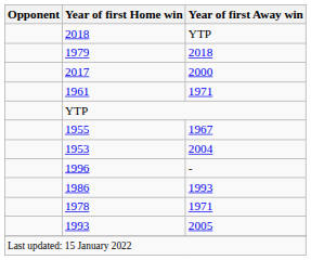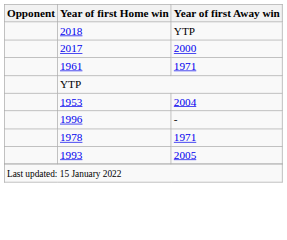 <table class="wikitable sortable" style=align:center;>
 <tr>
 <th>Opponent</th>
 <th>Year of first Home win</th>
 <th>Year of first Away win</th>
 </tr>
 <tr>
 <td></td>
 <td><a href='#'>2018</a></td>
 <td>YTP</td>
-</tr>
-<tr>
-<td></td>
-<td><a href='#'>1979</a></td>
-<td><a href='#'>2018</a></td>
 </tr>
 <tr>
 <td></td>
 <td><a href='#'>2017</a></td>
 <td><a href='#'>2000</a></td>
 </tr>
 <tr>
 <td></td>
 <td><a href='#'>1961</a></td>
 <td><a href='#'>1971</a></td>
 </tr>
 <tr>
 <td></td>
 <td colspan=2>YTP</td>
 </tr>
 <tr>
 <td></td>
-<td><a href='#'>1955</a></td>
-<td><a href='#'>1967</a></td>
-</tr>
-<tr>
-<td></td>
 <td><a href='#'>1953</a></td>
 <td><a href='#'>2004</a></td>
 </tr>
 <tr>
 <td></td>
 <td><a href='#'>1996</a></td>
 <td>-</td>
-</tr>
-<tr>
-<td></td>
-<td><a href='#'>1986</a></td>
-<td><a href='#'>1993</a></td>
 </tr>
 <tr>
 <td></td>
 <td><a href='#'>1978</a></td>
 <td><a href='#'>1971</a></td>
 </tr>
 <tr>
 <td></td>
 <td><a href='#'>1993</a></td>
 <td><a href='#'>2005</a></td>
 </tr>
 <tr>
 </tr>
 <tr class=sortbottom>
 <td colspan=3><small>Last updated: 15 January 2022</small></td>
 </tr>
 </table>
